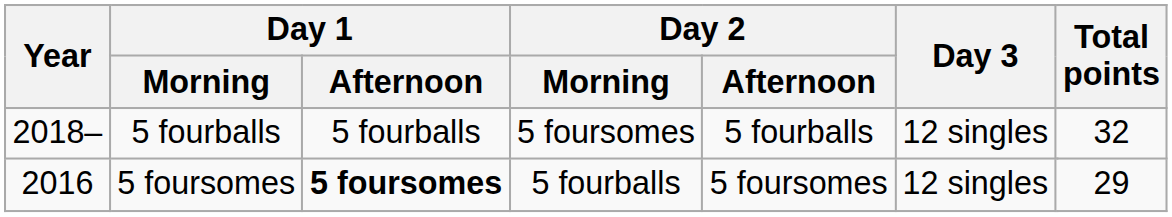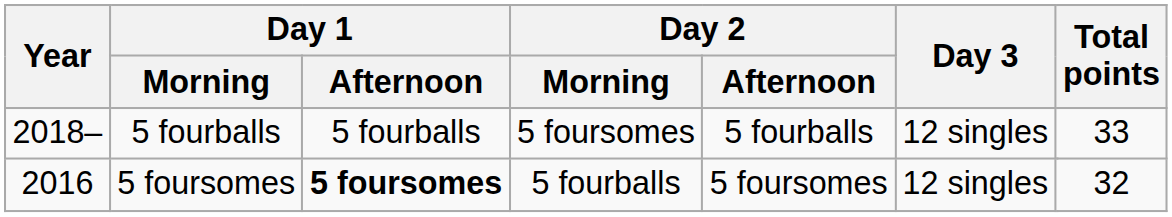 <table class="wikitable" style="text-align:center;">
 <tr>
 <th rowspan=2>Year</th>
 <th colspan=2>Day 1</th>
 <th colspan=2>Day 2</th>
 <th colspan=2 rowspan=2>Day 3</th>
 <th rowspan=2>Total<br>points</th>
 </tr>
 <tr>
 <th>Morning</th>
 <th>Afternoon</th>
 <th>Morning</th>
 <th>Afternoon</th>
 </tr>
 <tr>
 <td>2018–</td>
 <td>5 fourballs</td>
 <td>5 fourballs</td>
 <td>5 foursomes</td>
 <td>5 fourballs</td>
 <td colspan=2>12 singles</td>
-<td>32</td>
+<td>33</td>
 </tr>
 <tr>
 <td>2016</td>
 <td>5 foursomes</td>
 <td><strong>5 foursomes</strong></td>
 <td>5 fourballs</td>
 <td>5 foursomes</td>
 <td colspan=2>12 singles</td>
-<td>29</td>
+<td>32</td>
 </tr>
 </table>
